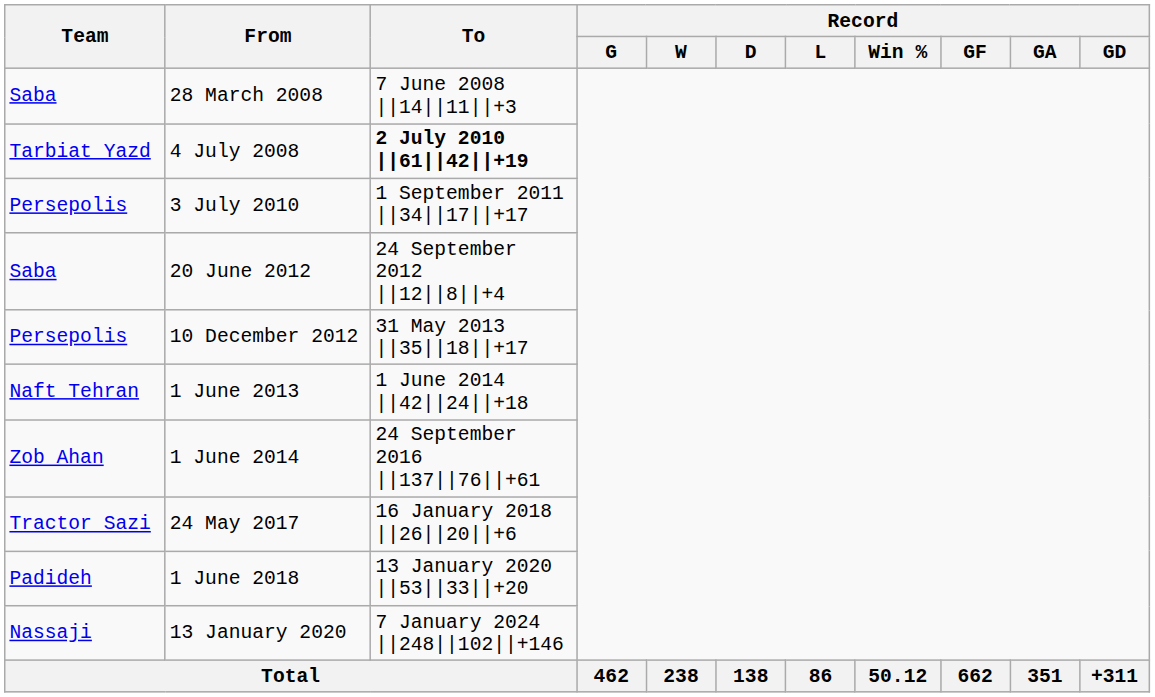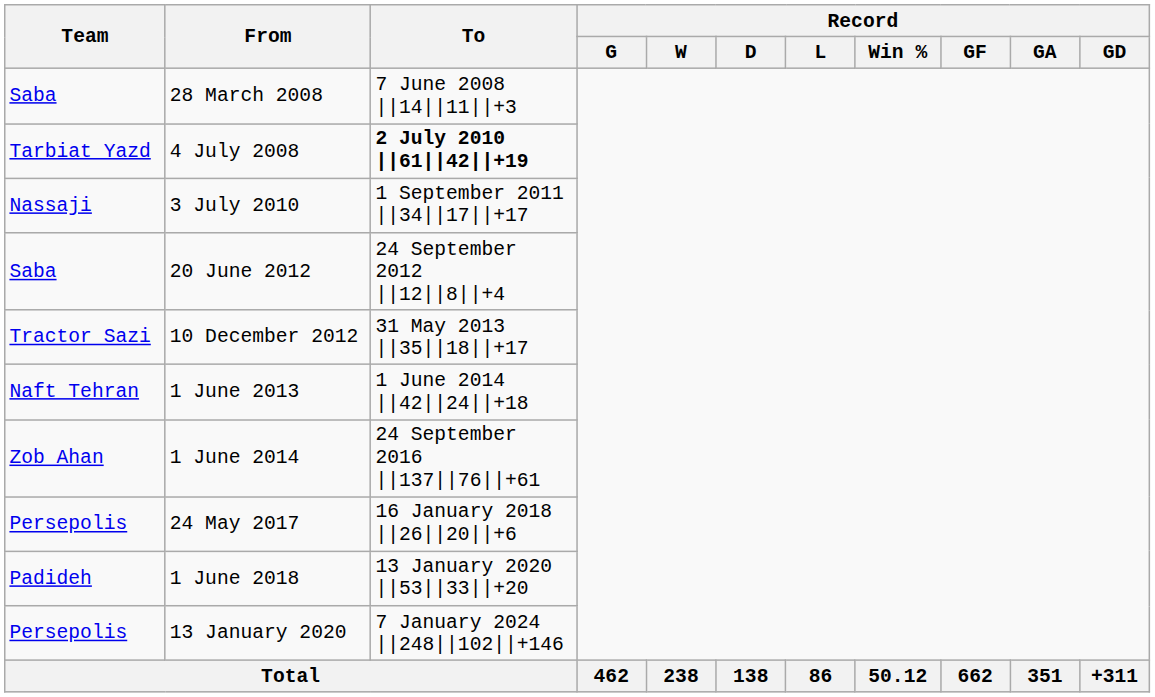 <table class="wikitable" style="text-align: center">
 <tr>
 <th rowspan="2!" style="width:100px;">Team</th>
 <th rowspan="2!" style="width:130px;">From</th>
 <th rowspan="2!" style="width:130px;">To</th>
 <th colspan=8>Record</th>
 </tr>
 <tr>
 <th width=40>G</th>
 <th width=40>W</th>
 <th width=40>D</th>
 <th width=40>L</th>
 <th width=50>Win %</th>
 <th width=40>GF</th>
 <th width=40>GA</th>
 <th width=40>GD</th>
 </tr>
 <tr>
 <td align=left><a href='#'>Saba</a></td>
 <td align=left>28 March 2008</td>
 <td align=left>7 June 2008<br>||14||11||+3</td>
 </tr>
 <tr>
 <td align=left><a href='#'>Tarbiat Yazd</a></td>
 <td align=left>4 July 2008</td>
 <td align=left><strong>2 July 2010<br>||61||42||+19</strong></td>
 </tr>
 <tr>
-<td align=left><a href='#'>Persepolis</a></td>
+<td align=left><a href='#'>Nassaji</a></td>
 <td align=left>3 July 2010</td>
 <td align=left>1 September 2011<br>||34||17||+17</td>
 </tr>
 <tr>
 <td align=left><a href='#'>Saba</a></td>
 <td align=left>20 June 2012</td>
 <td align=left>24 September 2012<br>||12||8||+4</td>
 </tr>
 <tr>
-<td align=left><a href='#'>Persepolis</a></td>
+<td align=left><a href='#'>Tractor Sazi</a></td>
 <td align=left>10 December 2012</td>
 <td align=left>31 May 2013<br>||35||18||+17</td>
 </tr>
 <tr>
 <td align=left><a href='#'>Naft Tehran</a></td>
 <td align=left>1 June 2013</td>
 <td align=left>1 June 2014<br>||42||24||+18</td>
 </tr>
 <tr>
 <td align=left><a href='#'>Zob Ahan</a></td>
 <td align=left>1 June 2014</td>
 <td align=left>24 September 2016<br>||137||76||+61</td>
 </tr>
 <tr>
-<td align=left><a href='#'>Tractor Sazi</a></td>
+<td align=left><a href='#'>Persepolis</a></td>
 <td align=left>24 May 2017</td>
 <td align=left>16 January 2018<br>||26||20||+6</td>
 </tr>
 <tr>
 <td align=left><a href='#'>Padideh</a></td>
 <td align=left>1 June 2018</td>
 <td align=left>13 January 2020<br>||53||33||+20</td>
 </tr>
 <tr>
-<td align=left><a href='#'>Nassaji</a></td>
+<td align=left><a href='#'>Persepolis</a></td>
 <td align=left>13 January 2020</td>
 <td align=left>7 January 2024<br>||248||102||+146</td>
 </tr>
 <tr>
 <th colspan=3>Total</th>
 <th>462</th>
 <th>238</th>
 <th>138</th>
 <th>86</th>
 <th>50.12</th>
 <th>662</th>
 <th>351</th>
 <th>+311</th>
 </tr>
 </table>
